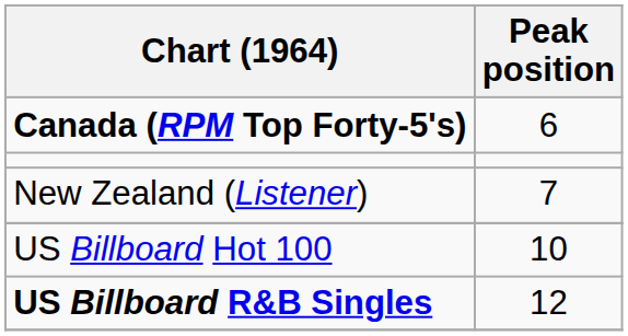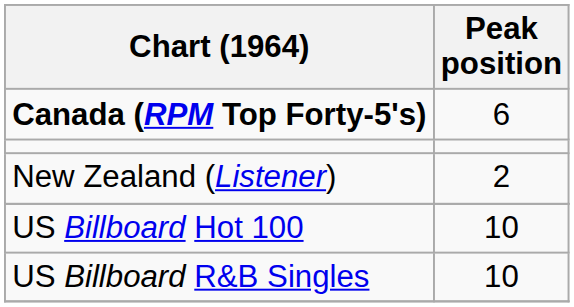 <table class="wikitable sortable" border="1">
 <tr>
 <th scope="col">Chart (1964)</th>
 <th scope="col">Peak<br>position</th>
 </tr>
 <tr>
 <td><strong>Canada (<em><a href='#'>RPM</a></em> Top Forty-5's)</strong></td>
 <td style="text-align:center;">6</td>
 </tr>
 <tr>
 <td></td>
 </tr>
 <tr>
 <td>New Zealand (<em><a href='#'>Listener</a></em>)</td>
-<td style="text-align:center;">7</td>
+<td style="text-align:center;">2</td>
 </tr>
 <tr>
 </tr>
 <tr>
 <td>US <em><a href='#'>Billboard</a></em> <a href='#'>Hot 100</a></td>
 <td style="text-align:center;">10</td>
 </tr>
 <tr>
-<td><strong>US <em>Billboard</em> <a href='#'>R&B Singles</a></strong></td>
-<td style="text-align:center;">12</td>
+<td>US <em>Billboard</em> <a href='#'>R&B Singles</a></td>
+<td style="text-align:center;">10</td>
 </tr>
 <tr>
 </tr>
 </table>
